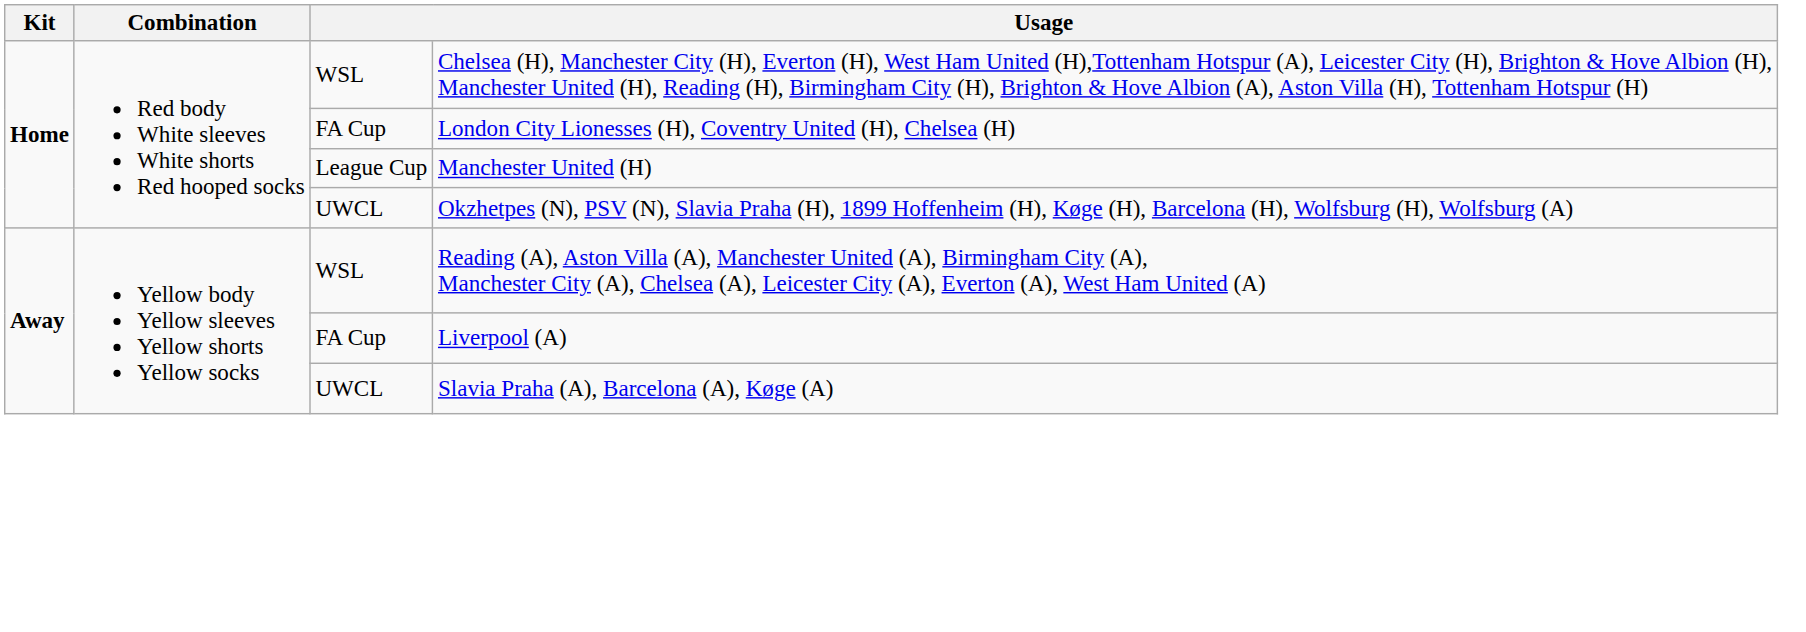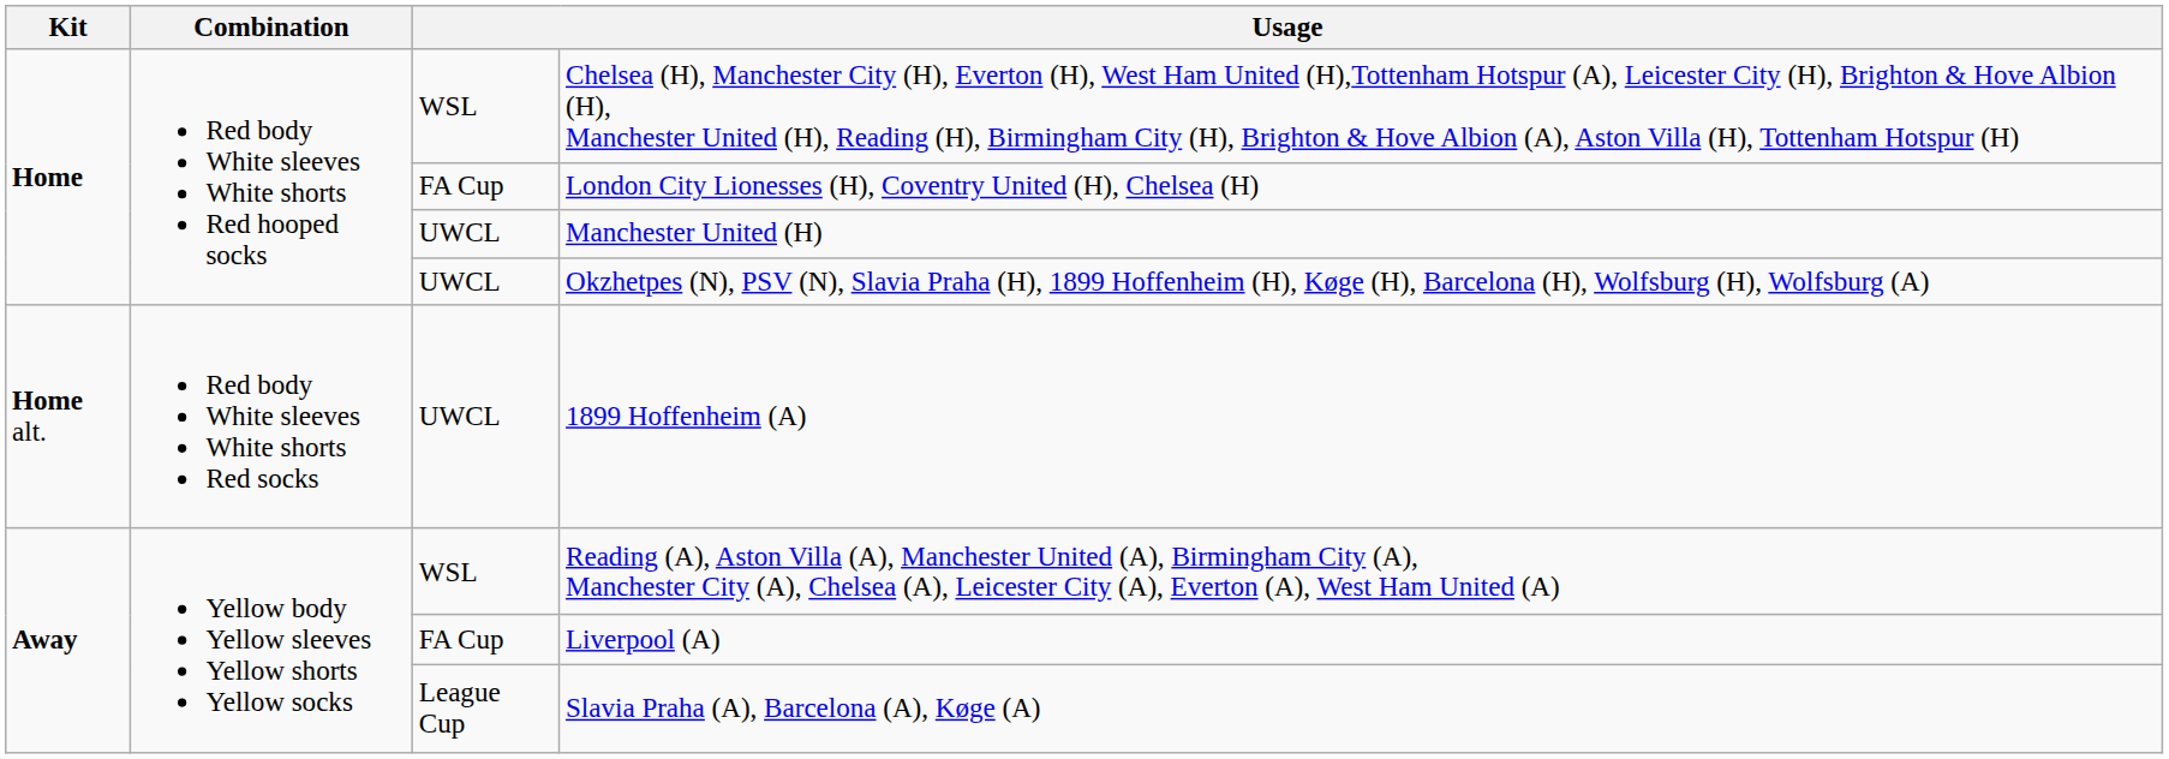 <table class="wikitable">
 <tr>
 <th>Kit</th>
 <th>Combination</th>
 <th colspan="2">Usage</th>
 </tr>
 <tr>
 <td rowspan="4"><strong>Home</strong></td>
 <td rowspan="4"><br><ul><li>Red body</li><li>White sleeves</li><li>White shorts</li><li>Red hooped socks</li></ul></td>
 <td>WSL</td>
 <td><a href='#'>Chelsea</a> (H), <a href='#'>Manchester City</a> (H), <a href='#'>Everton</a> (H), <a href='#'>West Ham United</a> (H),<a href='#'>Tottenham Hotspur</a> (A), <a href='#'>Leicester City</a> (H), <a href='#'>Brighton & Hove Albion</a> (H),<br><a href='#'>Manchester United</a> (H), <a href='#'>Reading</a> (H), <a href='#'>Birmingham City</a> (H), <a href='#'>Brighton & Hove Albion</a> (A), <a href='#'>Aston Villa</a> (H), <a href='#'>Tottenham Hotspur</a> (H)</td>
 </tr>
 <tr>
 <td>FA Cup</td>
 <td><a href='#'>London City Lionesses</a> (H), <a href='#'>Coventry United</a> (H), <a href='#'>Chelsea</a> (H)</td>
 </tr>
 <tr>
-<td>League Cup</td>
+<td>UWCL</td>
 <td><a href='#'>Manchester United</a> (H)</td>
 </tr>
 <tr>
 <td>UWCL</td>
 <td><a href='#'>Okzhetpes</a> (N), <a href='#'>PSV</a> (N), <a href='#'>Slavia Praha</a> (H), <a href='#'>1899 Hoffenheim</a> (H), <a href='#'>Køge</a> (H), <a href='#'>Barcelona</a> (H), <a href='#'>Wolfsburg</a> (H), <a href='#'>Wolfsburg</a> (A)</td>
+</tr>
+<tr>
+<td><strong>Home</strong> alt.</td>
+<td><br><ul><li>Red body</li><li>White sleeves</li><li>White shorts</li><li>Red socks</li></ul></td>
+<td>UWCL</td>
+<td><a href='#'>1899 Hoffenheim</a> (A)</td>
 </tr>
 <tr>
 <td rowspan="3"><strong>Away</strong></td>
 <td rowspan="3"><br><ul><li>Yellow body</li><li>Yellow sleeves</li><li>Yellow shorts</li><li>Yellow socks</li></ul></td>
 <td>WSL</td>
 <td><a href='#'>Reading</a> (A), <a href='#'>Aston Villa</a> (A), <a href='#'>Manchester United</a> (A), <a href='#'>Birmingham City</a> (A),<br><a href='#'>Manchester City</a> (A), <a href='#'>Chelsea</a> (A), <a href='#'>Leicester City</a> (A), <a href='#'>Everton</a> (A), <a href='#'>West Ham United</a> (A)</td>
 </tr>
 <tr>
 <td>FA Cup</td>
 <td><a href='#'>Liverpool</a> (A)</td>
 </tr>
 <tr>
-<td>UWCL</td>
+<td>League Cup</td>
 <td><a href='#'>Slavia Praha</a> (A), <a href='#'>Barcelona</a> (A), <a href='#'>Køge</a> (A)</td>
 </tr>
 </table>
